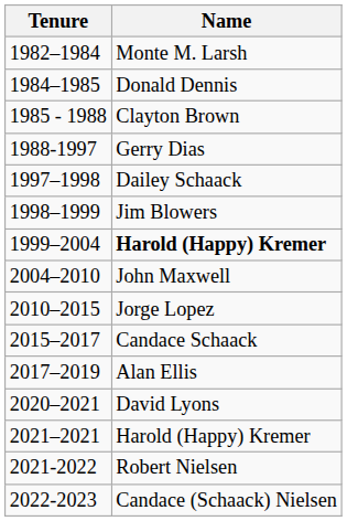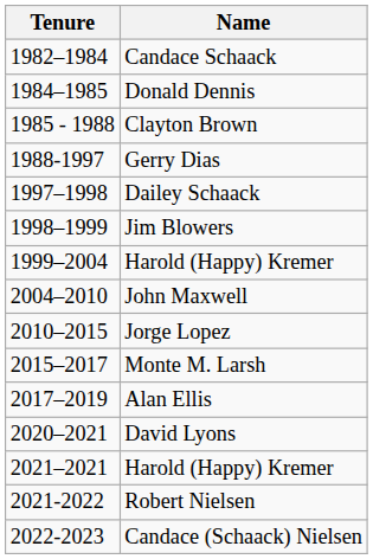 <table class="wikitable">
 <tr>
 <th>Tenure</th>
 <th>Name</th>
 </tr>
 <tr>
 <td>1982–1984</td>
-<td>Monte M. Larsh </td>
+<td>Candace Schaack</td>
 </tr>
 <tr>
 <td>1984–1985</td>
 <td>Donald Dennis </td>
 </tr>
 <tr>
 <td>1985 - 1988</td>
 <td>Clayton Brown </td>
 </tr>
 <tr>
 <td>1988-1997</td>
 <td>Gerry Dias </td>
 </tr>
 <tr>
 <td>1997–1998</td>
 <td>Dailey Schaack</td>
 </tr>
 <tr>
 <td>1998–1999</td>
 <td>Jim Blowers </td>
 </tr>
 <tr>
 <td>1999–2004</td>
-<td><strong>Harold (Happy) Kremer</strong></td>
+<td>Harold (Happy) Kremer</td>
 </tr>
 <tr>
 <td>2004–2010</td>
 <td>John Maxwell </td>
 </tr>
 <tr>
 <td>2010–2015</td>
 <td>Jorge Lopez</td>
 </tr>
 <tr>
 <td>2015–2017</td>
-<td>Candace Schaack</td>
+<td>Monte M. Larsh </td>
 </tr>
 <tr>
 <td>2017–2019</td>
 <td>Alan Ellis </td>
 </tr>
 <tr>
 <td>2020–2021</td>
 <td>David Lyons</td>
 </tr>
 <tr>
 <td>2021–2021</td>
 <td>Harold (Happy) Kremer</td>
 </tr>
 <tr>
 <td>2021-2022</td>
 <td>Robert Nielsen</td>
 </tr>
 <tr>
 <td>2022-2023</td>
 <td>Candace (Schaack) Nielsen</td>
 </tr>
 </table>
